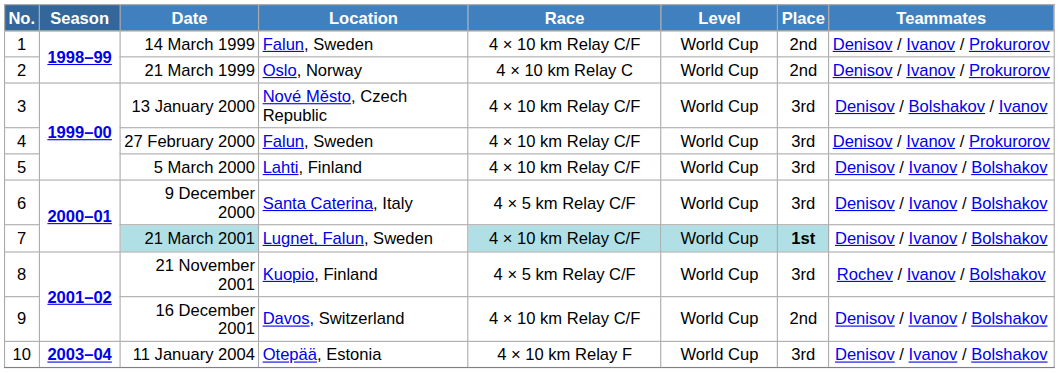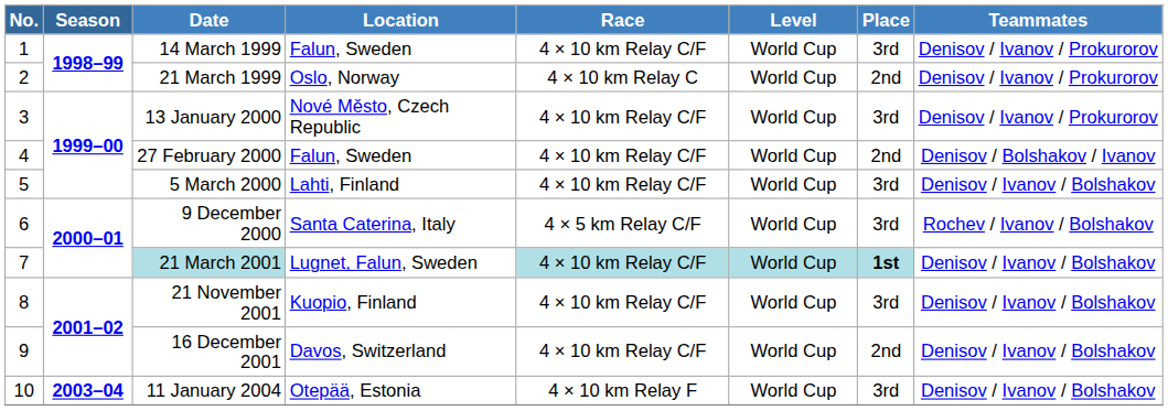 <table class="wikitable sortable" style="font-size:95%; text-align:center; border:grey solid 1px; border-collapse:collapse; background:#ffffff;">
 <tr style="background:#efefef;">
 <th style="background-color:#369; color:white;">No.</th>
 <th style="background-color:#369; color:white;">Season</th>
 <th style="background-color:#4180be; color:white; width:120px;">Date</th>
 <th style="background-color:#4180be; color:white; width:185px;">Location</th>
 <th style="background-color:#4180be; color:white; width:170px;">Race</th>
 <th style="background-color:#4180be; color:white; width:100px;">Level</th>
 <th style="background-color:#4180be; color:white;">Place</th>
 <th style="background-color:#4180be; color:white;">Teammates</th>
 </tr>
 <tr>
 <td align=center>1</td>
 <td rowspan=2 align=center><strong> <a href='#'>1998–99</a> </strong></td>
 <td align=right>14 March 1999</td>
 <td align=left> <a href='#'>Falun</a>, Sweden</td>
 <td>4 × 10 km Relay C/F</td>
 <td>World Cup</td>
-<td>2nd</td>
+<td>3rd</td>
 <td><a href='#'>Denisov</a> / <a href='#'>Ivanov</a> / <a href='#'>Prokurorov</a></td>
 </tr>
 <tr>
 <td align=center>2</td>
 <td align=right>21 March 1999</td>
 <td align=left> <a href='#'>Oslo</a>, Norway</td>
 <td>4 × 10 km Relay C</td>
 <td>World Cup</td>
 <td>2nd</td>
 <td><a href='#'>Denisov</a> / <a href='#'>Ivanov</a> / <a href='#'>Prokurorov</a></td>
 </tr>
 <tr>
 <td align=center>3</td>
 <td rowspan=3 align=center><strong> <a href='#'>1999–00</a> </strong></td>
 <td align=right>13 January 2000</td>
 <td align=left> <a href='#'>Nové Město</a>, Czech Republic</td>
 <td>4 × 10 km Relay C/F</td>
 <td>World Cup</td>
 <td>3rd</td>
-<td><a href='#'>Denisov</a> / <a href='#'>Bolshakov</a> / <a href='#'>Ivanov</a></td>
+<td><a href='#'>Denisov</a> / <a href='#'>Ivanov</a> / <a href='#'>Prokurorov</a></td>
 </tr>
 <tr>
 <td align=center>4</td>
 <td align=right>27 February 2000</td>
 <td align=left> <a href='#'>Falun</a>, Sweden</td>
 <td>4 × 10 km Relay C/F</td>
 <td>World Cup</td>
-<td>3rd</td>
-<td><a href='#'>Denisov</a> / <a href='#'>Ivanov</a> / <a href='#'>Prokurorov</a></td>
+<td>2nd</td>
+<td><a href='#'>Denisov</a> / <a href='#'>Bolshakov</a> / <a href='#'>Ivanov</a></td>
 </tr>
 <tr>
 <td align=center>5</td>
 <td align=right>5 March 2000</td>
 <td align=left> <a href='#'>Lahti</a>, Finland</td>
 <td>4 × 10 km Relay C/F</td>
 <td>World Cup</td>
 <td>3rd</td>
 <td><a href='#'>Denisov</a> / <a href='#'>Ivanov</a> / <a href='#'>Bolshakov</a></td>
 </tr>
 <tr>
 <td align=center>6</td>
 <td rowspan=2 align=center><strong> <a href='#'>2000–01</a> </strong></td>
 <td align=right>9 December 2000</td>
 <td align=left> <a href='#'>Santa Caterina</a>, Italy</td>
 <td>4 × 5 km Relay C/F</td>
 <td>World Cup</td>
 <td>3rd</td>
-<td><a href='#'>Denisov</a> / <a href='#'>Ivanov</a> / <a href='#'>Bolshakov</a></td>
+<td><a href='#'>Rochev</a> / <a href='#'>Ivanov</a> / <a href='#'>Bolshakov</a></td>
 </tr>
 <tr>
 <td align=center>7</td>
 <td bgcolor="#BOEOE6" align=right>21 March 2001</td>
 <td align=left> <a href='#'>Lugnet, Falun</a>, Sweden</td>
 <td bgcolor="#BOEOE6">4 × 10 km Relay C/F</td>
 <td bgcolor="#BOEOE6">World Cup</td>
 <td bgcolor="#BOEOE6"><strong>1st</strong></td>
 <td><a href='#'>Denisov</a> / <a href='#'>Ivanov</a> / <a href='#'>Bolshakov</a></td>
 </tr>
 <tr>
 <td align=center>8</td>
 <td rowspan=2 align=center><strong> <a href='#'>2001–02</a> </strong></td>
 <td align=right>21 November 2001</td>
 <td align=left> <a href='#'>Kuopio</a>, Finland</td>
-<td>4 × 5 km Relay C/F</td>
+<td>4 × 10 km Relay C/F</td>
 <td>World Cup</td>
 <td>3rd</td>
-<td><a href='#'>Rochev</a> / <a href='#'>Ivanov</a> / <a href='#'>Bolshakov</a></td>
+<td><a href='#'>Denisov</a> / <a href='#'>Ivanov</a> / <a href='#'>Bolshakov</a></td>
 </tr>
 <tr>
 <td align=center>9</td>
 <td align=right>16 December 2001</td>
 <td align=left> <a href='#'>Davos</a>, Switzerland</td>
 <td>4 × 10 km Relay C/F</td>
 <td>World Cup</td>
 <td>2nd</td>
 <td><a href='#'>Denisov</a> / <a href='#'>Ivanov</a> / <a href='#'>Bolshakov</a></td>
 </tr>
 <tr>
 <td align=center>10</td>
 <td rowspan=1 align=center><strong> <a href='#'>2003–04</a> </strong></td>
 <td align=right>11 January 2004</td>
 <td align=left> <a href='#'>Otepää</a>, Estonia</td>
 <td>4 × 10 km Relay F</td>
 <td>World Cup</td>
 <td>3rd</td>
 <td><a href='#'>Denisov</a> / <a href='#'>Ivanov</a> / <a href='#'>Bolshakov</a></td>
 </tr>
 <tr>
 </tr>
 </table>
